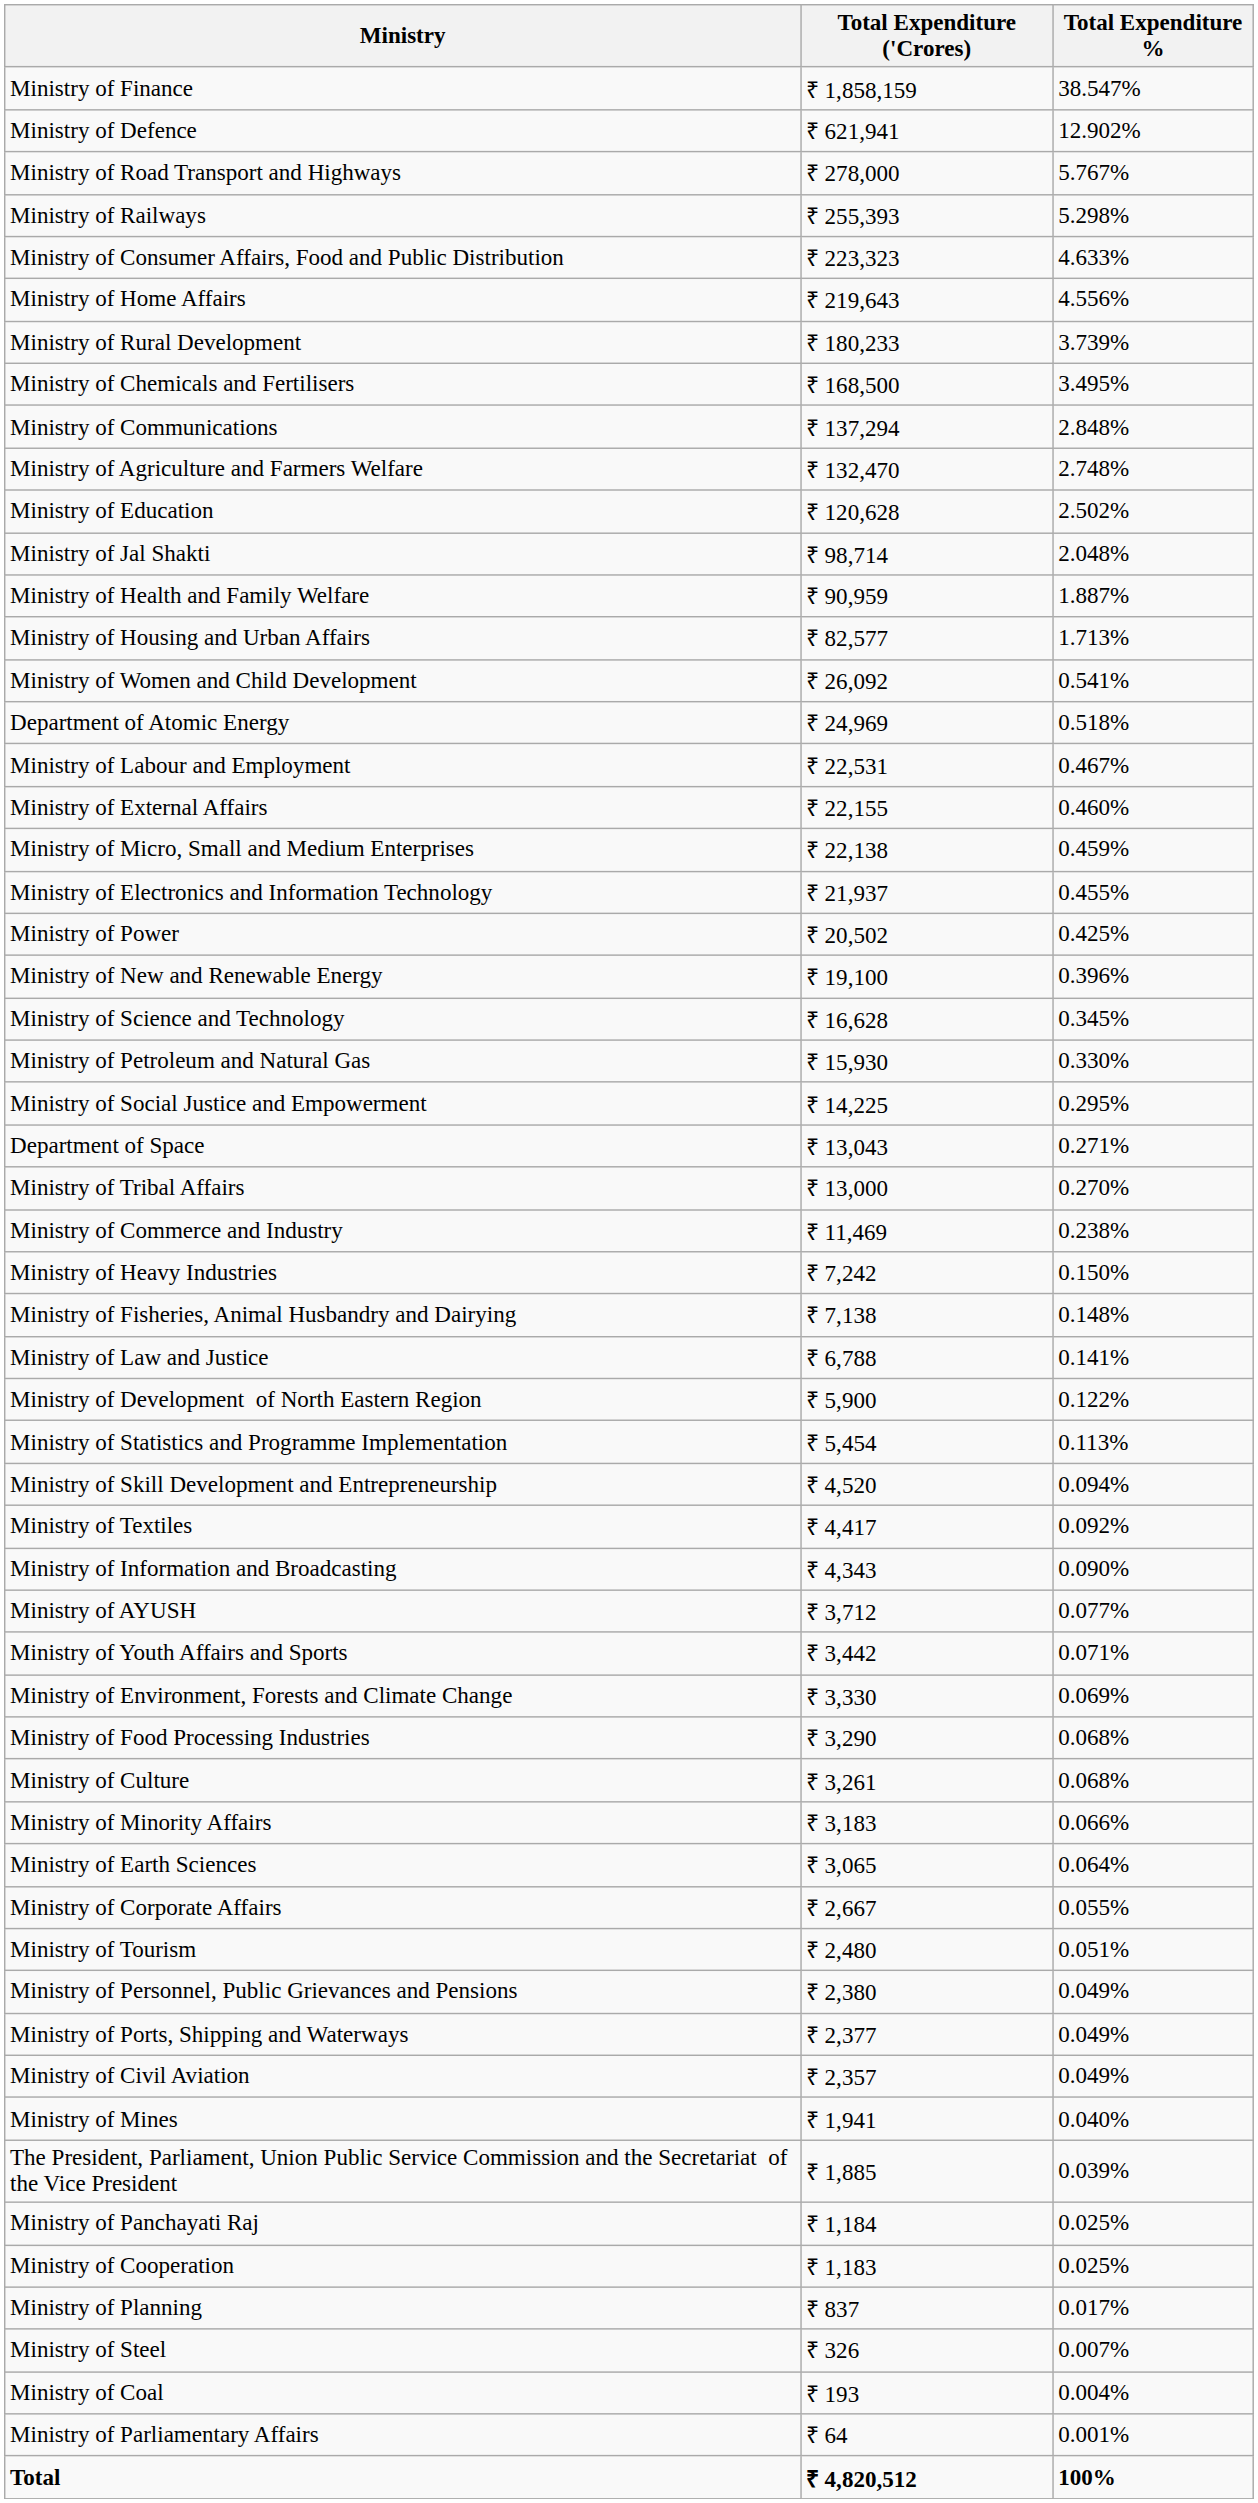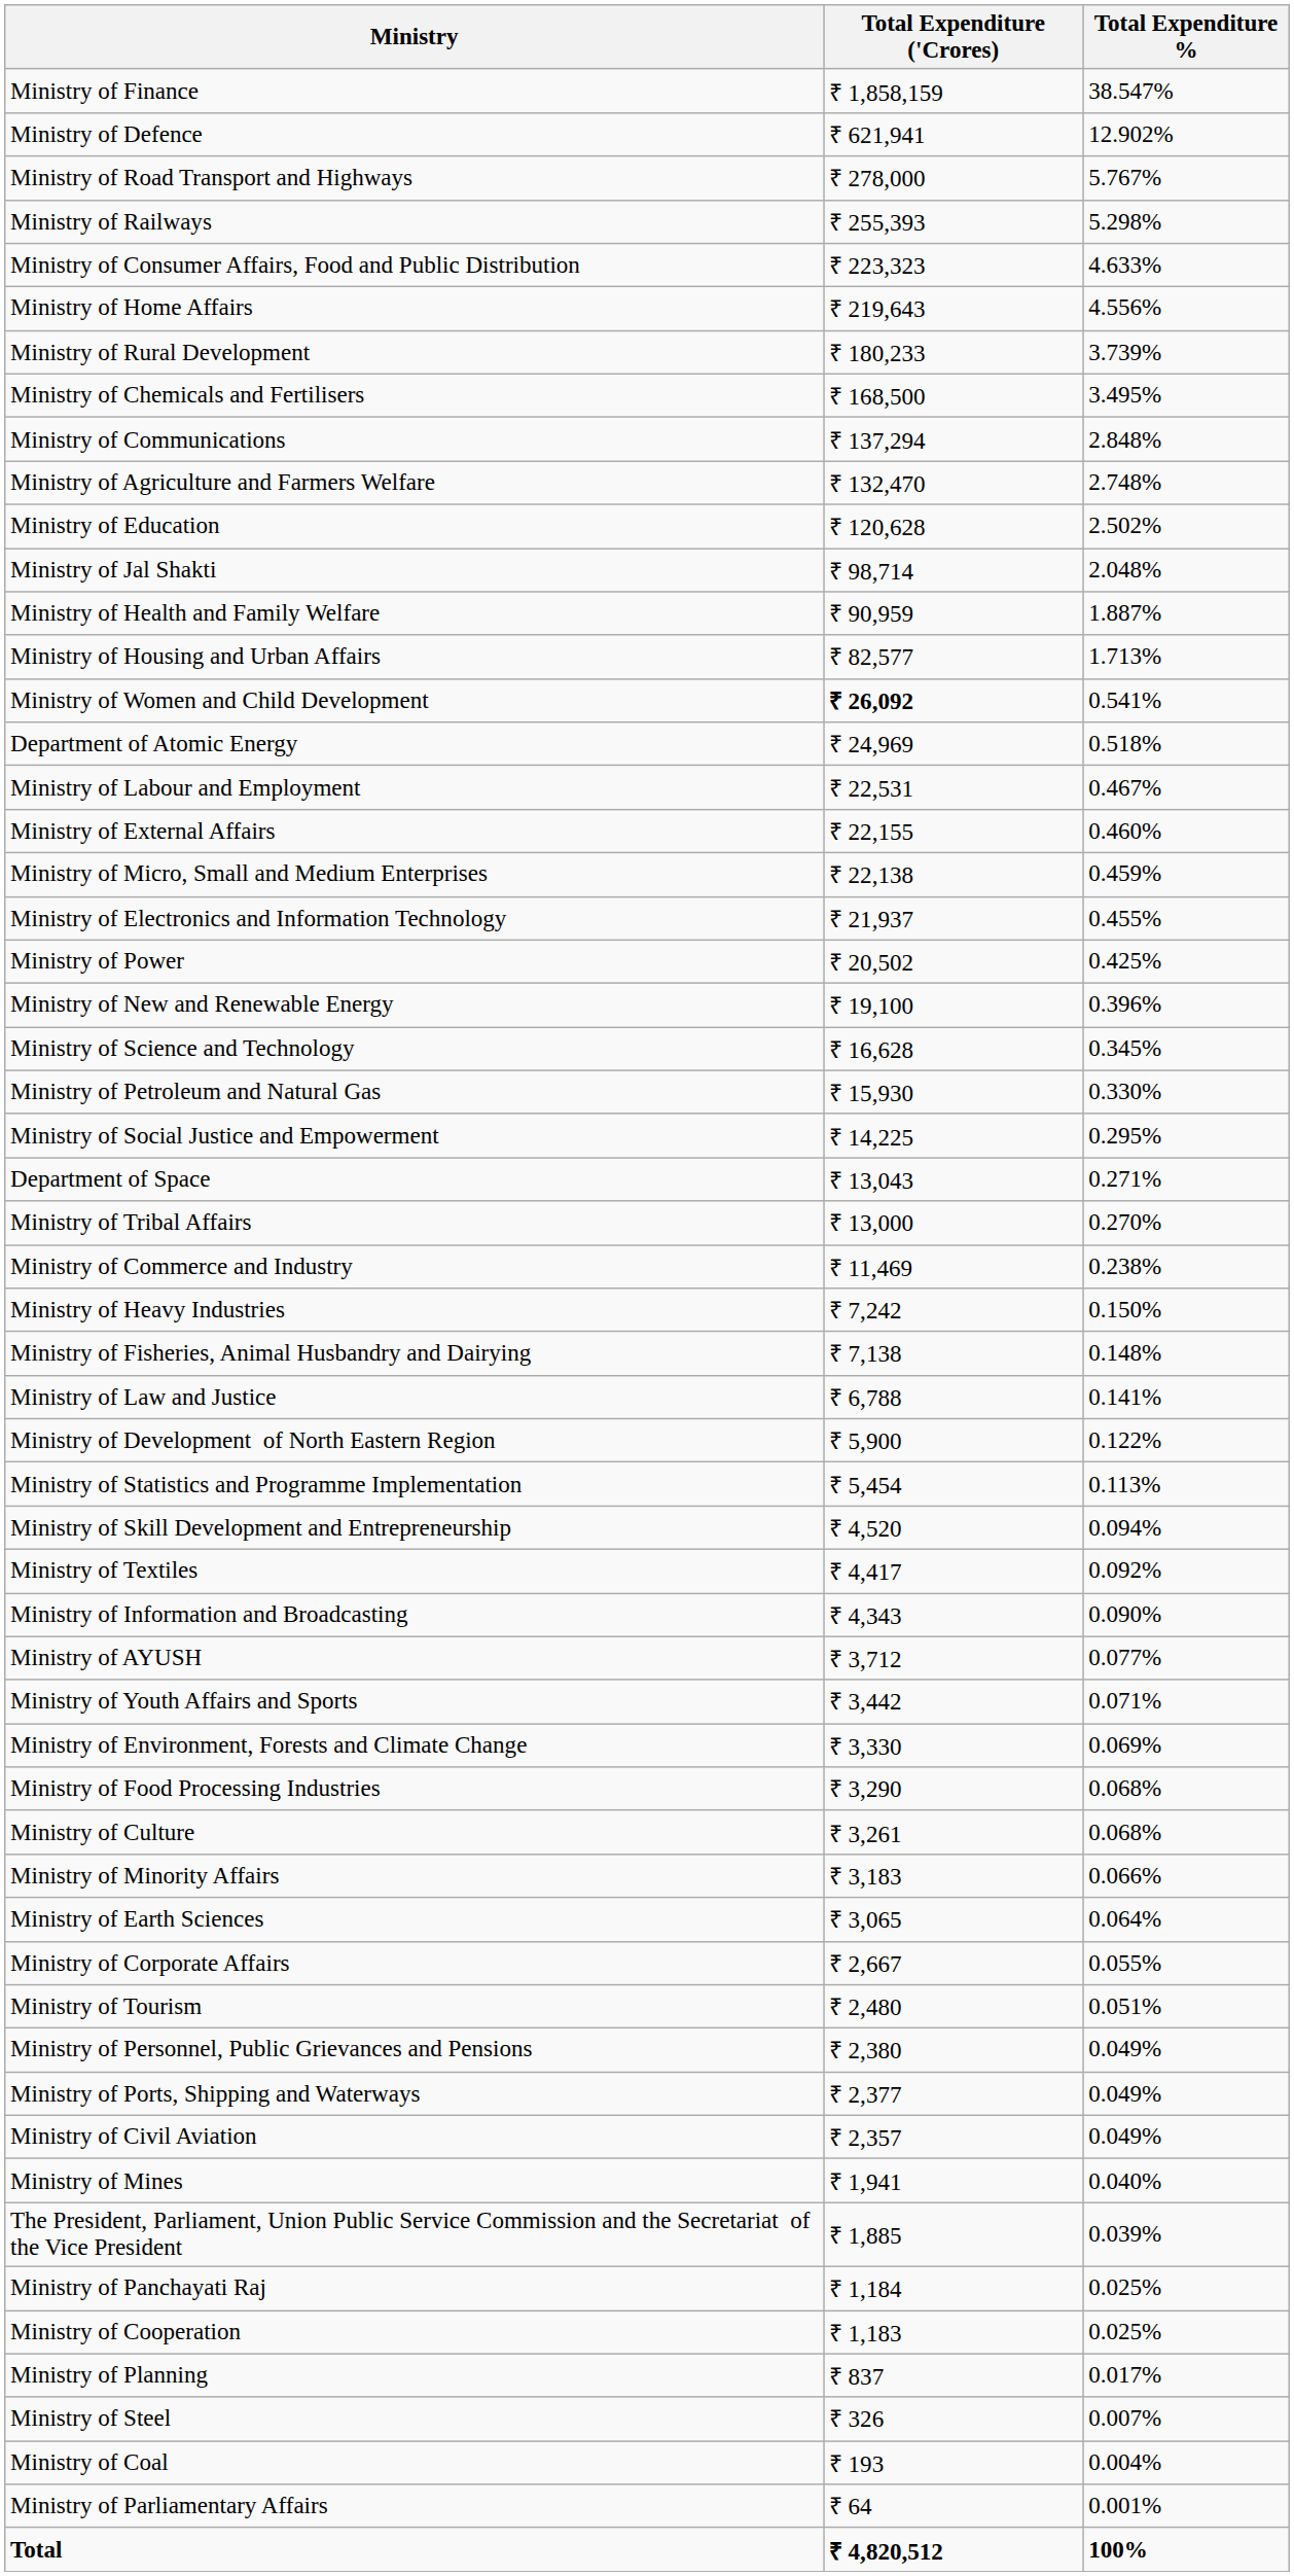 <table class="wikitable">
 <tr>
 <th>Ministry</th>
 <th>Total Expenditure ('Crores)</th>
 <th>Total Expenditure %</th>
 </tr>
 <tr>
 <td>Ministry of Finance</td>
 <td>₹ 1,858,159</td>
 <td>38.547%</td>
 </tr>
 <tr>
 <td>Ministry of Defence</td>
 <td>₹ 621,941</td>
 <td>12.902%</td>
 </tr>
 <tr>
 <td>Ministry of Road Transport  and Highways</td>
 <td>₹ 278,000</td>
 <td>5.767%</td>
 </tr>
 <tr>
 <td>Ministry of Railways</td>
 <td>₹ 255,393</td>
 <td>5.298%</td>
 </tr>
 <tr>
 <td>Ministry of Consumer Affairs,  Food and Public Distribution</td>
 <td>₹ 223,323</td>
 <td>4.633%</td>
 </tr>
 <tr>
 <td>Ministry of Home Affairs</td>
 <td>₹ 219,643</td>
 <td>4.556%</td>
 </tr>
 <tr>
 <td>Ministry of Rural Development</td>
 <td>₹ 180,233</td>
 <td>3.739%</td>
 </tr>
 <tr>
 <td>Ministry of  Chemicals and Fertilisers</td>
 <td>₹ 168,500</td>
 <td>3.495%</td>
 </tr>
 <tr>
 <td>Ministry of Communications</td>
 <td>₹ 137,294</td>
 <td>2.848%</td>
 </tr>
 <tr>
 <td>Ministry of Agriculture and  Farmers Welfare</td>
 <td>₹ 132,470</td>
 <td>2.748%</td>
 </tr>
 <tr>
 <td>Ministry of Education</td>
 <td>₹ 120,628</td>
 <td>2.502%</td>
 </tr>
 <tr>
 <td>Ministry of Jal Shakti</td>
 <td>₹ 98,714</td>
 <td>2.048%</td>
 </tr>
 <tr>
 <td>Ministry of Health and Family  Welfare</td>
 <td>₹ 90,959</td>
 <td>1.887%</td>
 </tr>
 <tr>
 <td>Ministry of Housing and Urban  Affairs</td>
 <td>₹ 82,577</td>
 <td>1.713%</td>
 </tr>
 <tr>
 <td>Ministry of Women and Child  Development</td>
-<td>₹ 26,092</td>
+<td><strong>₹ 26,092</strong></td>
 <td>0.541%</td>
 </tr>
 <tr>
 <td>Department of Atomic Energy</td>
 <td>₹ 24,969</td>
 <td>0.518%</td>
 </tr>
 <tr>
 <td>Ministry of Labour and  Employment</td>
 <td>₹ 22,531</td>
 <td>0.467%</td>
 </tr>
 <tr>
 <td>Ministry of External Affairs</td>
 <td>₹ 22,155</td>
 <td>0.460%</td>
 </tr>
 <tr>
 <td>Ministry of Micro, Small and  Medium Enterprises</td>
 <td>₹ 22,138</td>
 <td>0.459%</td>
 </tr>
 <tr>
 <td>Ministry of Electronics and  Information Technology</td>
 <td>₹ 21,937</td>
 <td>0.455%</td>
 </tr>
 <tr>
 <td>Ministry of Power</td>
 <td>₹ 20,502</td>
 <td>0.425%</td>
 </tr>
 <tr>
 <td>Ministry of New and Renewable  Energy</td>
 <td>₹ 19,100</td>
 <td>0.396%</td>
 </tr>
 <tr>
 <td>Ministry of Science and  Technology</td>
 <td>₹ 16,628</td>
 <td>0.345%</td>
 </tr>
 <tr>
 <td>Ministry of Petroleum and  Natural Gas</td>
 <td>₹ 15,930</td>
 <td>0.330%</td>
 </tr>
 <tr>
 <td>Ministry of Social Justice  and Empowerment</td>
 <td>₹ 14,225</td>
 <td>0.295%</td>
 </tr>
 <tr>
 <td>Department of Space</td>
 <td>₹ 13,043</td>
 <td>0.271%</td>
 </tr>
 <tr>
 <td>Ministry of Tribal Affairs</td>
 <td>₹ 13,000</td>
 <td>0.270%</td>
 </tr>
 <tr>
 <td>Ministry of Commerce and  Industry</td>
 <td>₹ 11,469</td>
 <td>0.238%</td>
 </tr>
 <tr>
 <td>Ministry of Heavy Industries</td>
 <td>₹ 7,242</td>
 <td>0.150%</td>
 </tr>
 <tr>
 <td>Ministry of Fisheries, Animal  Husbandry and Dairying</td>
 <td>₹ 7,138</td>
 <td>0.148%</td>
 </tr>
 <tr>
 <td>Ministry of Law and Justice</td>
 <td>₹ 6,788</td>
 <td>0.141%</td>
 </tr>
 <tr>
 <td>Ministry of Development   of North Eastern Region</td>
 <td>₹ 5,900</td>
 <td>0.122%</td>
 </tr>
 <tr>
 <td>Ministry of Statistics and  Programme Implementation</td>
 <td>₹ 5,454</td>
 <td>0.113%</td>
 </tr>
 <tr>
 <td>Ministry of Skill Development  and Entrepreneurship</td>
 <td>₹ 4,520</td>
 <td>0.094%</td>
 </tr>
 <tr>
 <td>Ministry of Textiles</td>
 <td>₹ 4,417</td>
 <td>0.092%</td>
 </tr>
 <tr>
 <td>Ministry of Information and  Broadcasting</td>
 <td>₹ 4,343</td>
 <td>0.090%</td>
 </tr>
 <tr>
 <td>Ministry of AYUSH</td>
 <td>₹ 3,712</td>
 <td>0.077%</td>
 </tr>
 <tr>
 <td>Ministry of Youth Affairs and  Sports</td>
 <td>₹ 3,442</td>
 <td>0.071%</td>
 </tr>
 <tr>
 <td>Ministry of Environment,  Forests and Climate Change</td>
 <td>₹ 3,330</td>
 <td>0.069%</td>
 </tr>
 <tr>
 <td>Ministry of Food  Processing Industries</td>
 <td>₹ 3,290</td>
 <td>0.068%</td>
 </tr>
 <tr>
 <td>Ministry of Culture</td>
 <td>₹ 3,261</td>
 <td>0.068%</td>
 </tr>
 <tr>
 <td>Ministry of Minority Affairs</td>
 <td>₹ 3,183</td>
 <td>0.066%</td>
 </tr>
 <tr>
 <td>Ministry of Earth Sciences</td>
 <td>₹ 3,065</td>
 <td>0.064%</td>
 </tr>
 <tr>
 <td>Ministry of Corporate Affairs</td>
 <td>₹ 2,667</td>
 <td>0.055%</td>
 </tr>
 <tr>
 <td>Ministry of Tourism</td>
 <td>₹ 2,480</td>
 <td>0.051%</td>
 </tr>
 <tr>
 <td>Ministry of Personnel, Public  Grievances and Pensions</td>
 <td>₹ 2,380</td>
 <td>0.049%</td>
 </tr>
 <tr>
 <td>Ministry of Ports, Shipping  and Waterways</td>
 <td>₹ 2,377</td>
 <td>0.049%</td>
 </tr>
 <tr>
 <td>Ministry of Civil Aviation</td>
 <td>₹ 2,357</td>
 <td>0.049%</td>
 </tr>
 <tr>
 <td>Ministry of Mines</td>
 <td>₹ 1,941</td>
 <td>0.040%</td>
 </tr>
 <tr>
 <td>The President, Parliament,  Union Public Service Commission and the Secretariat  of the Vice  President</td>
 <td>₹ 1,885</td>
 <td>0.039%</td>
 </tr>
 <tr>
 <td>Ministry of Panchayati Raj</td>
 <td>₹ 1,184</td>
 <td>0.025%</td>
 </tr>
 <tr>
 <td>Ministry of Cooperation</td>
 <td>₹ 1,183</td>
 <td>0.025%</td>
 </tr>
 <tr>
 <td>Ministry of Planning</td>
 <td>₹ 837</td>
 <td>0.017%</td>
 </tr>
 <tr>
 <td>Ministry of Steel</td>
 <td>₹ 326</td>
 <td>0.007%</td>
 </tr>
 <tr>
 <td>Ministry of Coal</td>
 <td>₹ 193</td>
 <td>0.004%</td>
 </tr>
 <tr>
 <td>Ministry of Parliamentary  Affairs</td>
 <td>₹ 64</td>
 <td>0.001%</td>
 </tr>
 <tr>
 <td><strong>Total</strong></td>
 <td><strong>₹  4,820,512</strong></td>
 <td><strong>100%</strong></td>
 </tr>
 </table>
